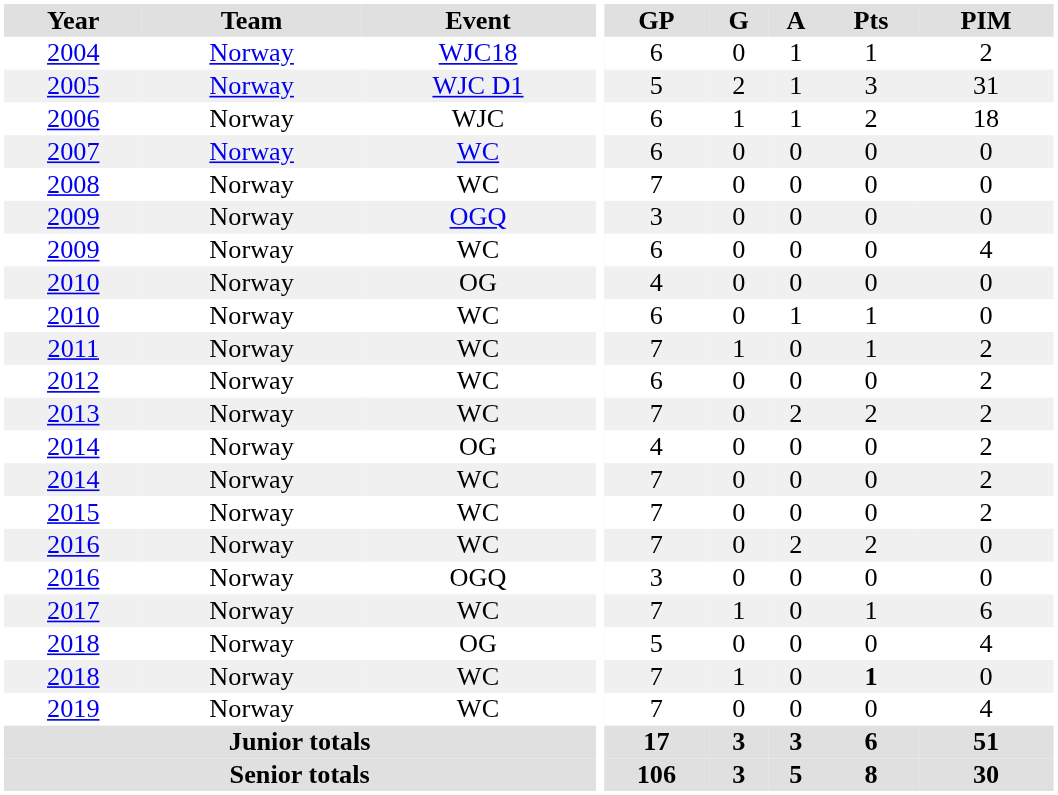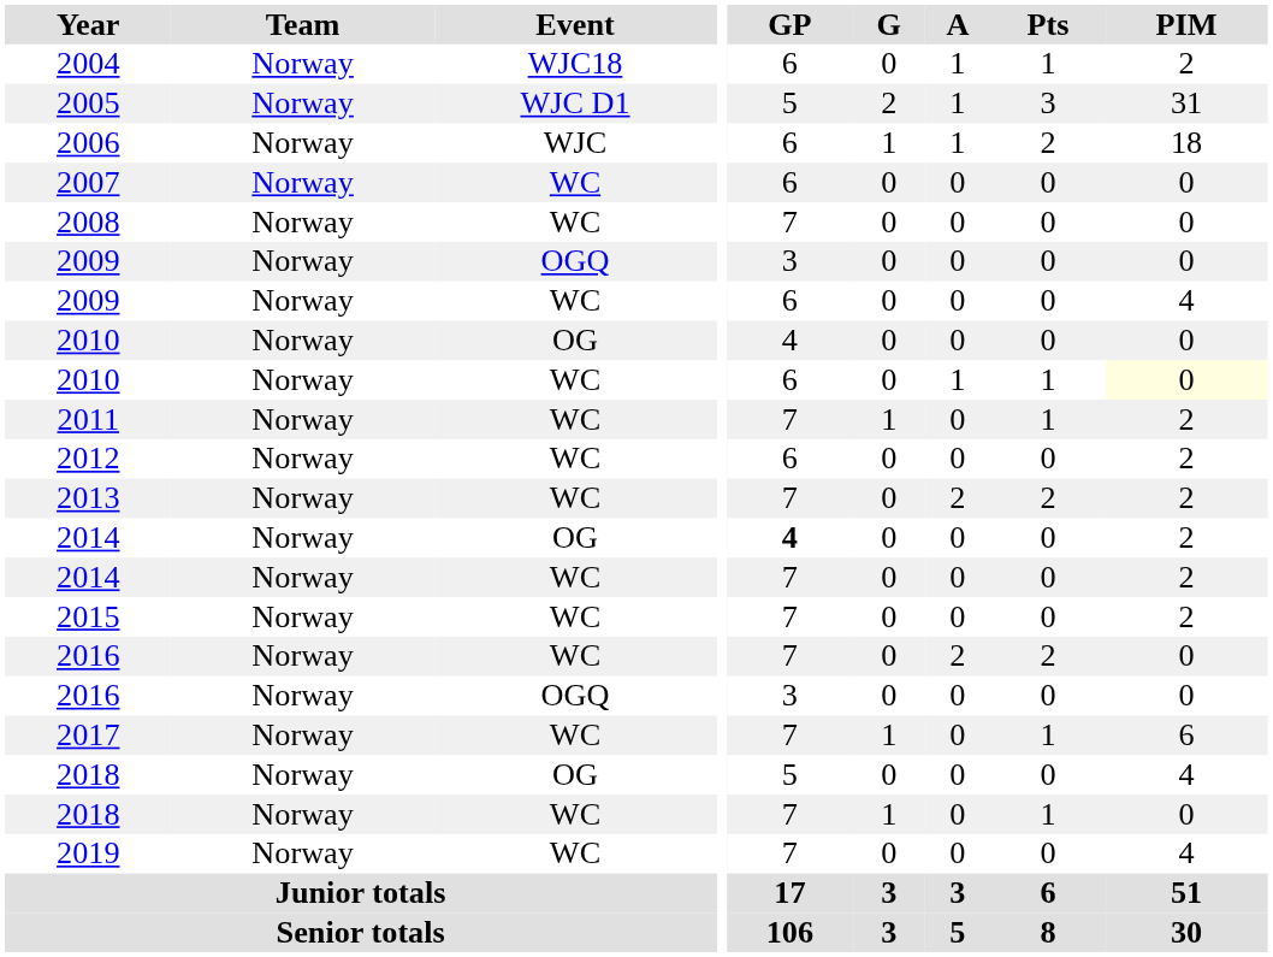 <table border="0" cellpadding="1" cellspacing="0" style="text-align:center; width:40em">
 <tr bgcolor="#e0e0e0">
 <th>Year</th>
 <th>Team</th>
 <th>Event</th>
 <th rowspan="99" bgcolor="#ffffff"></th>
 <th>GP</th>
 <th>G</th>
 <th>A</th>
 <th>Pts</th>
 <th>PIM</th>
 </tr>
 <tr>
 <td><a href='#'>2004</a></td>
 <td><a href='#'>Norway</a></td>
 <td><a href='#'>WJC18</a></td>
 <td>6</td>
 <td>0</td>
 <td>1</td>
 <td>1</td>
 <td>2</td>
 </tr>
 <tr bgcolor="#f0f0f0">
 <td><a href='#'>2005</a></td>
 <td><a href='#'>Norway</a></td>
 <td><a href='#'>WJC D1</a></td>
 <td>5</td>
 <td>2</td>
 <td>1</td>
 <td>3</td>
 <td>31</td>
 </tr>
 <tr>
 <td><a href='#'>2006</a></td>
 <td>Norway</td>
 <td>WJC</td>
 <td>6</td>
 <td>1</td>
 <td>1</td>
 <td>2</td>
 <td>18</td>
 </tr>
 <tr bgcolor="#f0f0f0">
 <td><a href='#'>2007</a></td>
 <td><a href='#'>Norway</a></td>
 <td><a href='#'>WC</a></td>
 <td>6</td>
 <td>0</td>
 <td>0</td>
 <td>0</td>
 <td>0</td>
 </tr>
 <tr>
 <td><a href='#'>2008</a></td>
 <td>Norway</td>
 <td>WC</td>
 <td>7</td>
 <td>0</td>
 <td>0</td>
 <td>0</td>
 <td>0</td>
 </tr>
 <tr bgcolor="#f0f0f0">
 <td><a href='#'>2009</a></td>
 <td>Norway</td>
 <td><a href='#'>OGQ</a></td>
 <td>3</td>
 <td>0</td>
 <td>0</td>
 <td>0</td>
 <td>0</td>
 </tr>
 <tr>
 <td><a href='#'>2009</a></td>
 <td>Norway</td>
 <td>WC</td>
 <td>6</td>
 <td>0</td>
 <td>0</td>
 <td>0</td>
 <td>4</td>
 </tr>
 <tr bgcolor="#f0f0f0">
 <td><a href='#'>2010</a></td>
 <td>Norway</td>
 <td>OG</td>
 <td>4</td>
 <td>0</td>
 <td>0</td>
 <td>0</td>
 <td>0</td>
 </tr>
 <tr>
 <td><a href='#'>2010</a></td>
 <td>Norway</td>
 <td>WC</td>
 <td>6</td>
 <td>0</td>
 <td>1</td>
 <td>1</td>
-<td>0</td>
+<td style="background: lightyellow;">0</td>
 </tr>
 <tr bgcolor="#f0f0f0">
 <td><a href='#'>2011</a></td>
 <td>Norway</td>
 <td>WC</td>
 <td>7</td>
 <td>1</td>
 <td>0</td>
 <td>1</td>
 <td>2</td>
 </tr>
 <tr>
 <td><a href='#'>2012</a></td>
 <td>Norway</td>
 <td>WC</td>
 <td>6</td>
 <td>0</td>
 <td>0</td>
 <td>0</td>
 <td>2</td>
 </tr>
 <tr bgcolor="#f0f0f0">
 <td><a href='#'>2013</a></td>
 <td>Norway</td>
 <td>WC</td>
 <td>7</td>
 <td>0</td>
 <td>2</td>
 <td>2</td>
 <td>2</td>
 </tr>
 <tr>
 <td><a href='#'>2014</a></td>
 <td>Norway</td>
 <td>OG</td>
-<td>4</td>
+<td><strong>4</strong></td>
 <td>0</td>
 <td>0</td>
 <td>0</td>
 <td>2</td>
 </tr>
 <tr bgcolor="#f0f0f0">
 <td><a href='#'>2014</a></td>
 <td>Norway</td>
 <td>WC</td>
 <td>7</td>
 <td>0</td>
 <td>0</td>
 <td>0</td>
 <td>2</td>
 </tr>
 <tr>
 <td><a href='#'>2015</a></td>
 <td>Norway</td>
 <td>WC</td>
 <td>7</td>
 <td>0</td>
 <td>0</td>
 <td>0</td>
 <td>2</td>
 </tr>
 <tr bgcolor="#f0f0f0">
 <td><a href='#'>2016</a></td>
 <td>Norway</td>
 <td>WC</td>
 <td>7</td>
 <td>0</td>
 <td>2</td>
 <td>2</td>
 <td>0</td>
 </tr>
 <tr>
 <td><a href='#'>2016</a></td>
 <td>Norway</td>
 <td>OGQ</td>
 <td>3</td>
 <td>0</td>
 <td>0</td>
 <td>0</td>
 <td>0</td>
 </tr>
 <tr bgcolor="#f0f0f0">
 <td><a href='#'>2017</a></td>
 <td>Norway</td>
 <td>WC</td>
 <td>7</td>
 <td>1</td>
 <td>0</td>
 <td>1</td>
 <td>6</td>
 </tr>
 <tr>
 <td><a href='#'>2018</a></td>
 <td>Norway</td>
 <td>OG</td>
 <td>5</td>
 <td>0</td>
 <td>0</td>
 <td>0</td>
 <td>4</td>
 </tr>
 <tr bgcolor="#f0f0f0">
 <td><a href='#'>2018</a></td>
 <td>Norway</td>
 <td>WC</td>
 <td>7</td>
 <td>1</td>
 <td>0</td>
-<td><strong>1</strong></td>
+<td>1</td>
 <td>0</td>
 </tr>
 <tr>
 <td><a href='#'>2019</a></td>
 <td>Norway</td>
 <td>WC</td>
 <td>7</td>
 <td>0</td>
 <td>0</td>
 <td>0</td>
 <td>4</td>
 </tr>
 <tr bgcolor="#e0e0e0">
 <th colspan="3">Junior totals</th>
 <th>17</th>
 <th>3</th>
 <th>3</th>
 <th>6</th>
 <th>51</th>
 </tr>
 <tr bgcolor="#e0e0e0">
 <th colspan="3">Senior totals</th>
 <th>106</th>
 <th>3</th>
 <th>5</th>
 <th>8</th>
 <th>30</th>
 </tr>
 </table>
